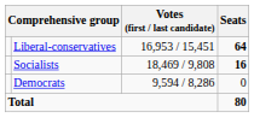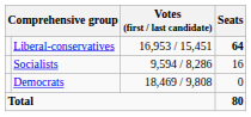 <table class="wikitable">
 <tr>
 <th colspan=2>Comprehensive group</th>
 <th>Votes<br><small>(first / last candidate)</small></th>
 <th>Seats</th>
 </tr>
 <tr>
 <td style="background-color:"></td>
 <td><a href='#'>Liberal-conservatives</a></td>
 <td align=right>16,953 / 15,451</td>
 <td align=right><strong>64</strong></td>
 </tr>
 <tr>
 <td style="background-color:"></td>
 <td><a href='#'>Socialists</a></td>
-<td align=right>18,469 / 9,808</td>
-<td align=right><strong>16</strong></td>
+<td align=right>9,594 / 8,286</td>
+<td align=right>16</td>
 </tr>
 <tr>
 <td style="background-color:"></td>
 <td><a href='#'>Democrats</a></td>
-<td align=right>9,594 / 8,286</td>
+<td align=right>18,469 / 9,808</td>
 <td align=right>0</td>
 </tr>
 <tr>
 <td colspan=3><strong>Total</strong></td>
 <td align=right><strong>80</strong></td>
 </tr>
 </table>
